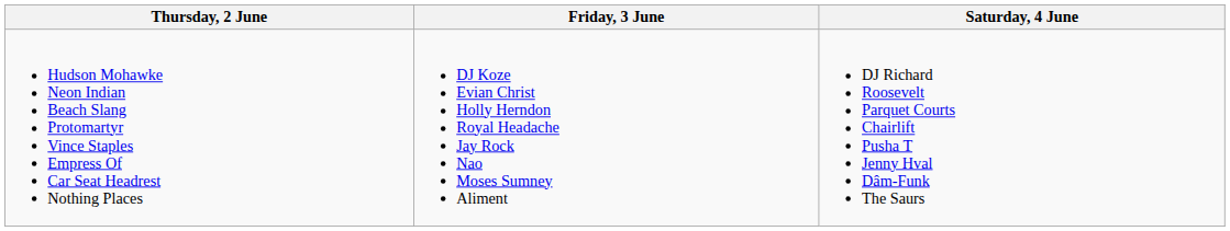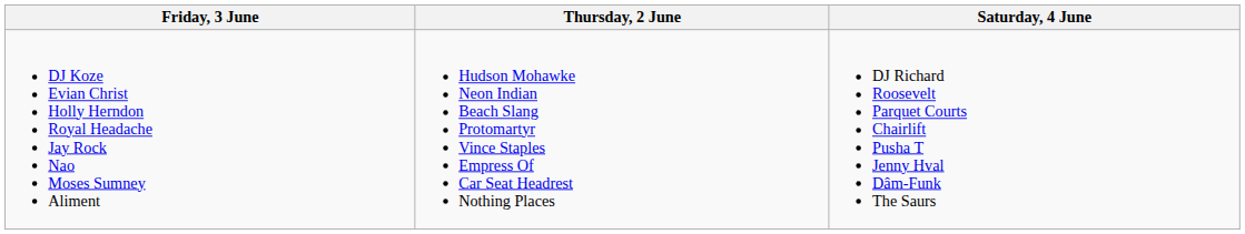 <table class="wikitable">
 <tr>
+<th width="500">Friday, 3 June</th>
 <th width="500">Thursday, 2 June</th>
-<th width="500">Friday, 3 June</th>
 <th width="500">Saturday, 4 June</th>
 </tr>
 <tr valign="top">
+<td><br><ul><li><a href='#'>DJ Koze</a></li><li><a href='#'>Evian Christ</a></li><li><a href='#'>Holly Herndon</a></li><li><a href='#'>Royal Headache</a></li><li><a href='#'>Jay Rock</a></li><li><a href='#'>Nao</a></li><li><a href='#'>Moses Sumney</a></li><li>Aliment</li></ul></td>
 <td><br><ul><li><a href='#'>Hudson Mohawke</a></li><li><a href='#'>Neon Indian</a></li><li><a href='#'>Beach Slang</a></li><li><a href='#'>Protomartyr</a></li><li><a href='#'>Vince Staples</a></li><li><a href='#'>Empress Of</a></li><li><a href='#'>Car Seat Headrest</a></li><li>Nothing Places</li></ul></td>
-<td><br><ul><li><a href='#'>DJ Koze</a></li><li><a href='#'>Evian Christ</a></li><li><a href='#'>Holly Herndon</a></li><li><a href='#'>Royal Headache</a></li><li><a href='#'>Jay Rock</a></li><li><a href='#'>Nao</a></li><li><a href='#'>Moses Sumney</a></li><li>Aliment</li></ul></td>
 <td><br><ul><li>DJ Richard</li><li><a href='#'>Roosevelt</a></li><li><a href='#'>Parquet Courts</a></li><li><a href='#'>Chairlift</a></li><li><a href='#'>Pusha T</a></li><li><a href='#'>Jenny Hval</a></li><li><a href='#'>Dâm-Funk</a></li><li>The Saurs</li></ul></td>
 </tr>
 </table>
